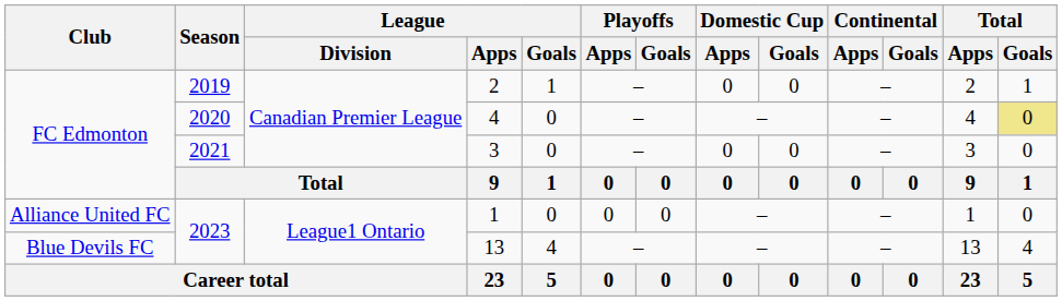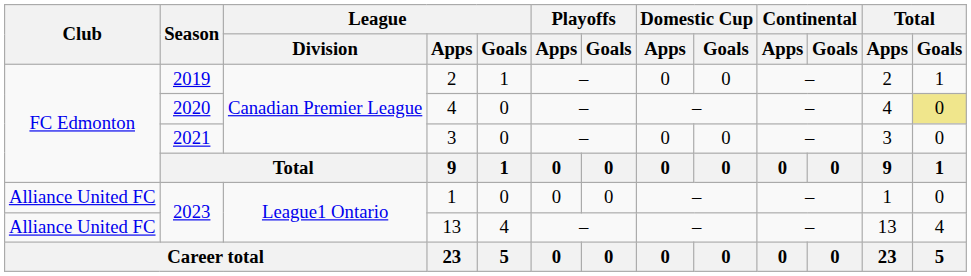 <table class="wikitable" style="text-align: center">
 <tr>
 <th rowspan="2">Club</th>
 <th rowspan="2">Season</th>
 <th colspan="3">League</th>
 <th colspan="2">Playoffs</th>
 <th colspan="2">Domestic Cup</th>
 <th colspan="2">Continental</th>
 <th colspan="2">Total</th>
 </tr>
 <tr>
 <th>Division</th>
 <th>Apps</th>
 <th>Goals</th>
 <th>Apps</th>
 <th>Goals</th>
 <th>Apps</th>
 <th>Goals</th>
 <th>Apps</th>
 <th>Goals</th>
 <th>Apps</th>
 <th>Goals</th>
 </tr>
 <tr>
 <td rowspan=4><a href='#'>FC Edmonton</a></td>
 <td><a href='#'>2019</a></td>
 <td rowspan=3><a href='#'>Canadian Premier League</a></td>
 <td>2</td>
 <td>1</td>
 <td colspan="2">–</td>
 <td>0</td>
 <td>0</td>
 <td colspan="2">–</td>
 <td>2</td>
 <td>1</td>
 </tr>
 <tr>
 <td><a href='#'>2020</a></td>
 <td>4</td>
 <td>0</td>
 <td colspan="2">–</td>
 <td colspan="2">–</td>
 <td colspan="2">–</td>
 <td>4</td>
 <td style="background: khaki;">0</td>
 </tr>
 <tr>
 <td><a href='#'>2021</a></td>
 <td>3</td>
 <td>0</td>
 <td colspan="2">–</td>
 <td>0</td>
 <td>0</td>
 <td colspan="2">–</td>
 <td>3</td>
 <td>0</td>
 </tr>
 <tr>
 <th colspan="2"><strong>Total</strong></th>
 <th>9</th>
 <th>1</th>
 <th>0</th>
 <th>0</th>
 <th>0</th>
 <th>0</th>
 <th>0</th>
 <th>0</th>
 <th>9</th>
 <th>1</th>
 </tr>
 <tr>
 <td><a href='#'>Alliance United FC</a></td>
 <td rowspan=2><a href='#'>2023</a></td>
 <td rowspan=2><a href='#'>League1 Ontario</a></td>
 <td>1</td>
 <td>0</td>
 <td>0</td>
 <td>0</td>
 <td colspan="2">–</td>
 <td colspan="2">–</td>
 <td>1</td>
 <td>0</td>
 </tr>
 <tr>
-<td><a href='#'>Blue Devils FC</a></td>
+<td><a href='#'>Alliance United FC</a></td>
 <td>13</td>
 <td>4</td>
 <td colspan="2">–</td>
 <td colspan="2">–</td>
 <td colspan="2">–</td>
 <td>13</td>
 <td>4</td>
 </tr>
 <tr>
 <th colspan="3"><strong>Career total</strong></th>
 <th>23</th>
 <th>5</th>
 <th>0</th>
 <th>0</th>
 <th>0</th>
 <th>0</th>
 <th>0</th>
 <th>0</th>
 <th>23</th>
 <th>5</th>
 </tr>
 </table>
